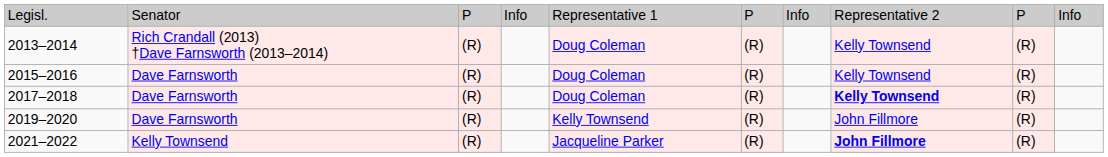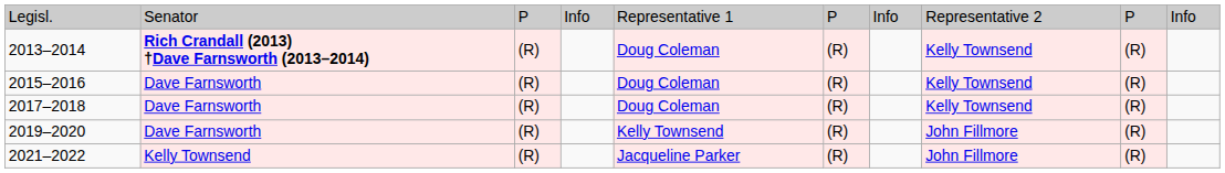 <table class=wikitable width="100%" border="1">
 <tr style="background-color:#cccccc;">
 <td>Legisl.</td>
 <td>Senator</td>
 <td>P</td>
 <td>Info</td>
 <td>Representative 1</td>
 <td>P</td>
 <td>Info</td>
 <td>Representative 2</td>
 <td>P</td>
 <td>Info</td>
 </tr>
 <tr>
 <td>2013–2014</td>
-<td style="background:#FFE8E8"><a href='#'>Rich Crandall</a> (2013) <br> †<a href='#'>Dave Farnsworth</a> (2013–2014)</td>
+<td style="background:#FFE8E8"><strong><a href='#'>Rich Crandall</a> (2013) <br> †<a href='#'>Dave Farnsworth</a> (2013–2014)</strong></td>
 <td style="background:#FFE8E8">(R)</td>
 <td></td>
 <td style="background:#FFE8E8"><a href='#'>Doug Coleman</a></td>
 <td style="background:#FFE8E8">(R)</td>
 <td></td>
 <td style="background:#FFE8E8"><a href='#'>Kelly Townsend</a></td>
 <td style="background:#FFE8E8">(R)</td>
 <td></td>
 </tr>
 <tr>
 <td>2015–2016</td>
 <td style="background:#FFE8E8"><a href='#'>Dave Farnsworth</a></td>
 <td style="background:#FFE8E8">(R)</td>
 <td></td>
 <td style="background:#FFE8E8"><a href='#'>Doug Coleman</a></td>
 <td style="background:#FFE8E8">(R)</td>
 <td></td>
 <td style="background:#FFE8E8"><a href='#'>Kelly Townsend</a></td>
 <td style="background:#FFE8E8">(R)</td>
 <td></td>
 </tr>
 <tr>
 <td>2017–2018</td>
 <td style="background:#FFE8E8"><a href='#'>Dave Farnsworth</a></td>
 <td style="background:#FFE8E8">(R)</td>
 <td></td>
 <td style="background:#FFE8E8"><a href='#'>Doug Coleman</a></td>
 <td style="background:#FFE8E8">(R)</td>
 <td></td>
-<td style="background:#FFE8E8"><strong><a href='#'>Kelly Townsend</a></strong></td>
+<td style="background:#FFE8E8"><a href='#'>Kelly Townsend</a></td>
 <td style="background:#FFE8E8">(R)</td>
 <td></td>
 </tr>
 <tr>
 <td>2019–2020</td>
 <td style="background:#FFE8E8"><a href='#'>Dave Farnsworth</a></td>
 <td style="background:#FFE8E8">(R)</td>
 <td></td>
 <td style="background:#FFE8E8"><a href='#'>Kelly Townsend</a></td>
 <td style="background:#FFE8E8">(R)</td>
 <td></td>
 <td style="background:#FFE8E8"><a href='#'>John Fillmore</a></td>
 <td style="background:#FFE8E8">(R)</td>
 <td></td>
 </tr>
 <tr>
 <td>2021–2022</td>
 <td style="background:#FFE8E8"><a href='#'>Kelly Townsend</a></td>
 <td style="background:#FFE8E8">(R)</td>
 <td></td>
 <td style="background:#FFE8E8"><a href='#'>Jacqueline Parker</a></td>
 <td style="background:#FFE8E8">(R)</td>
 <td></td>
-<td style="background:#FFE8E8"><strong><a href='#'>John Fillmore</a></strong></td>
+<td style="background:#FFE8E8"><a href='#'>John Fillmore</a></td>
 <td style="background:#FFE8E8">(R)</td>
 <td></td>
 </tr>
 </table>
